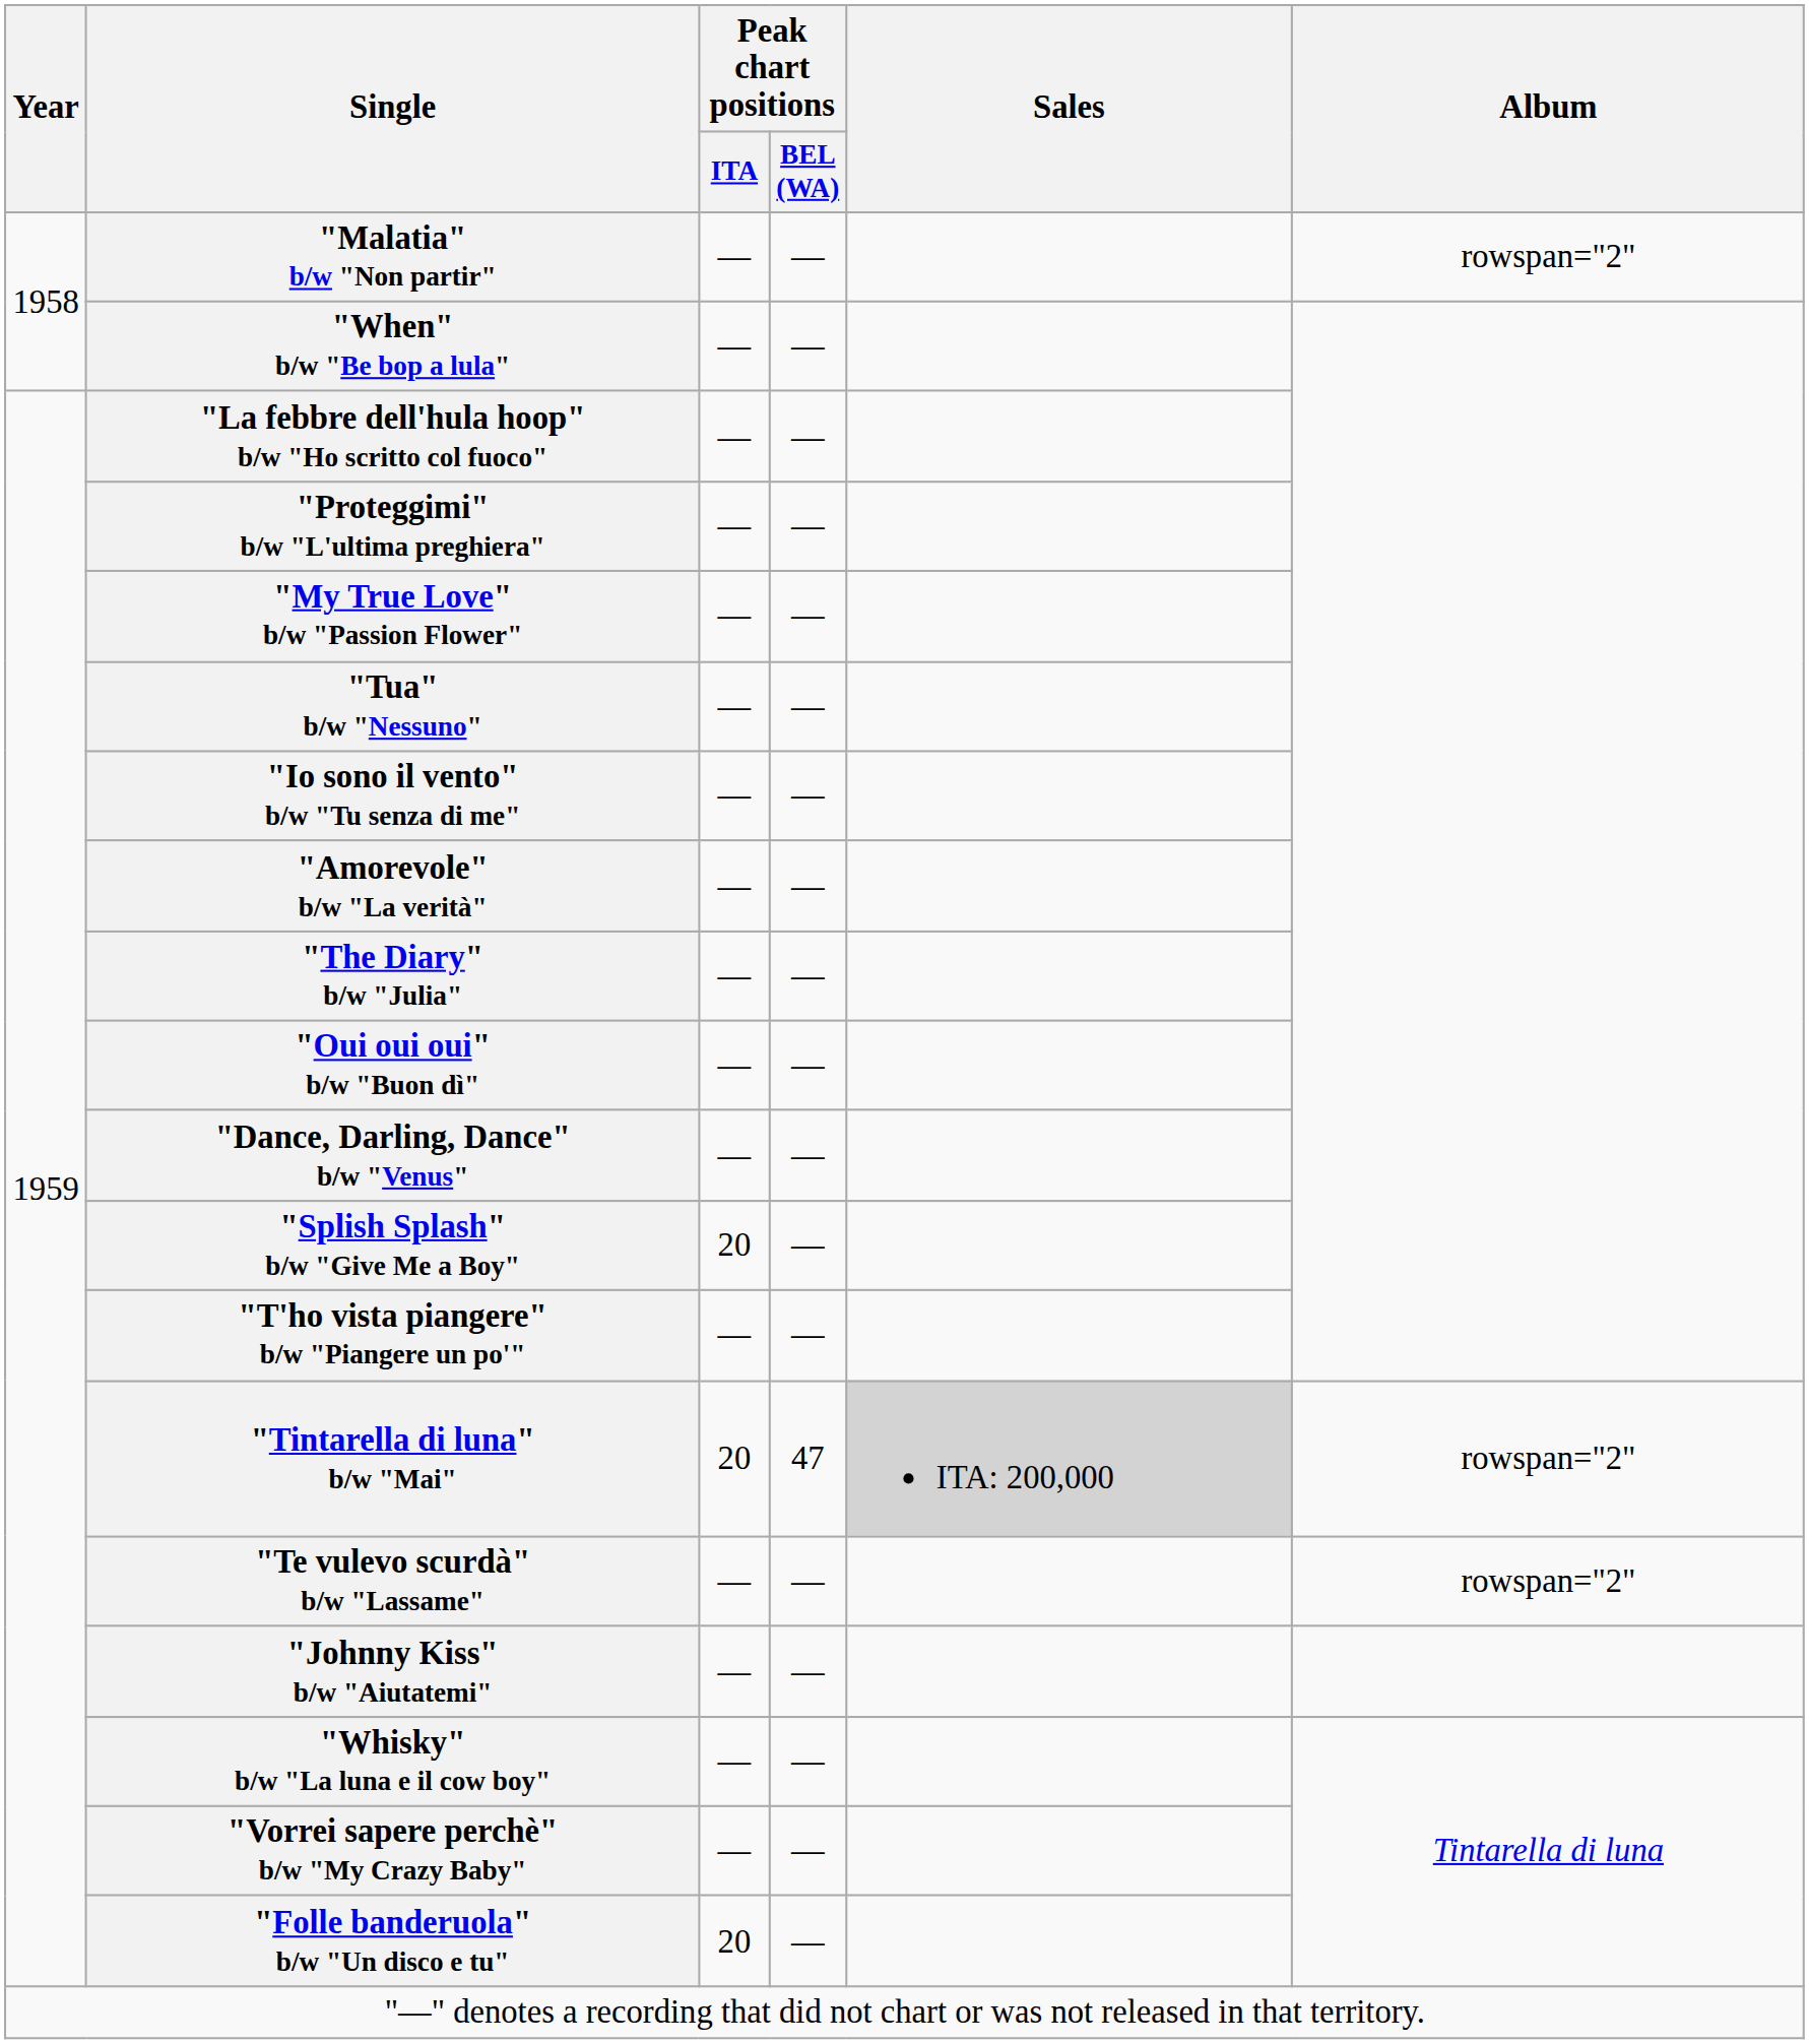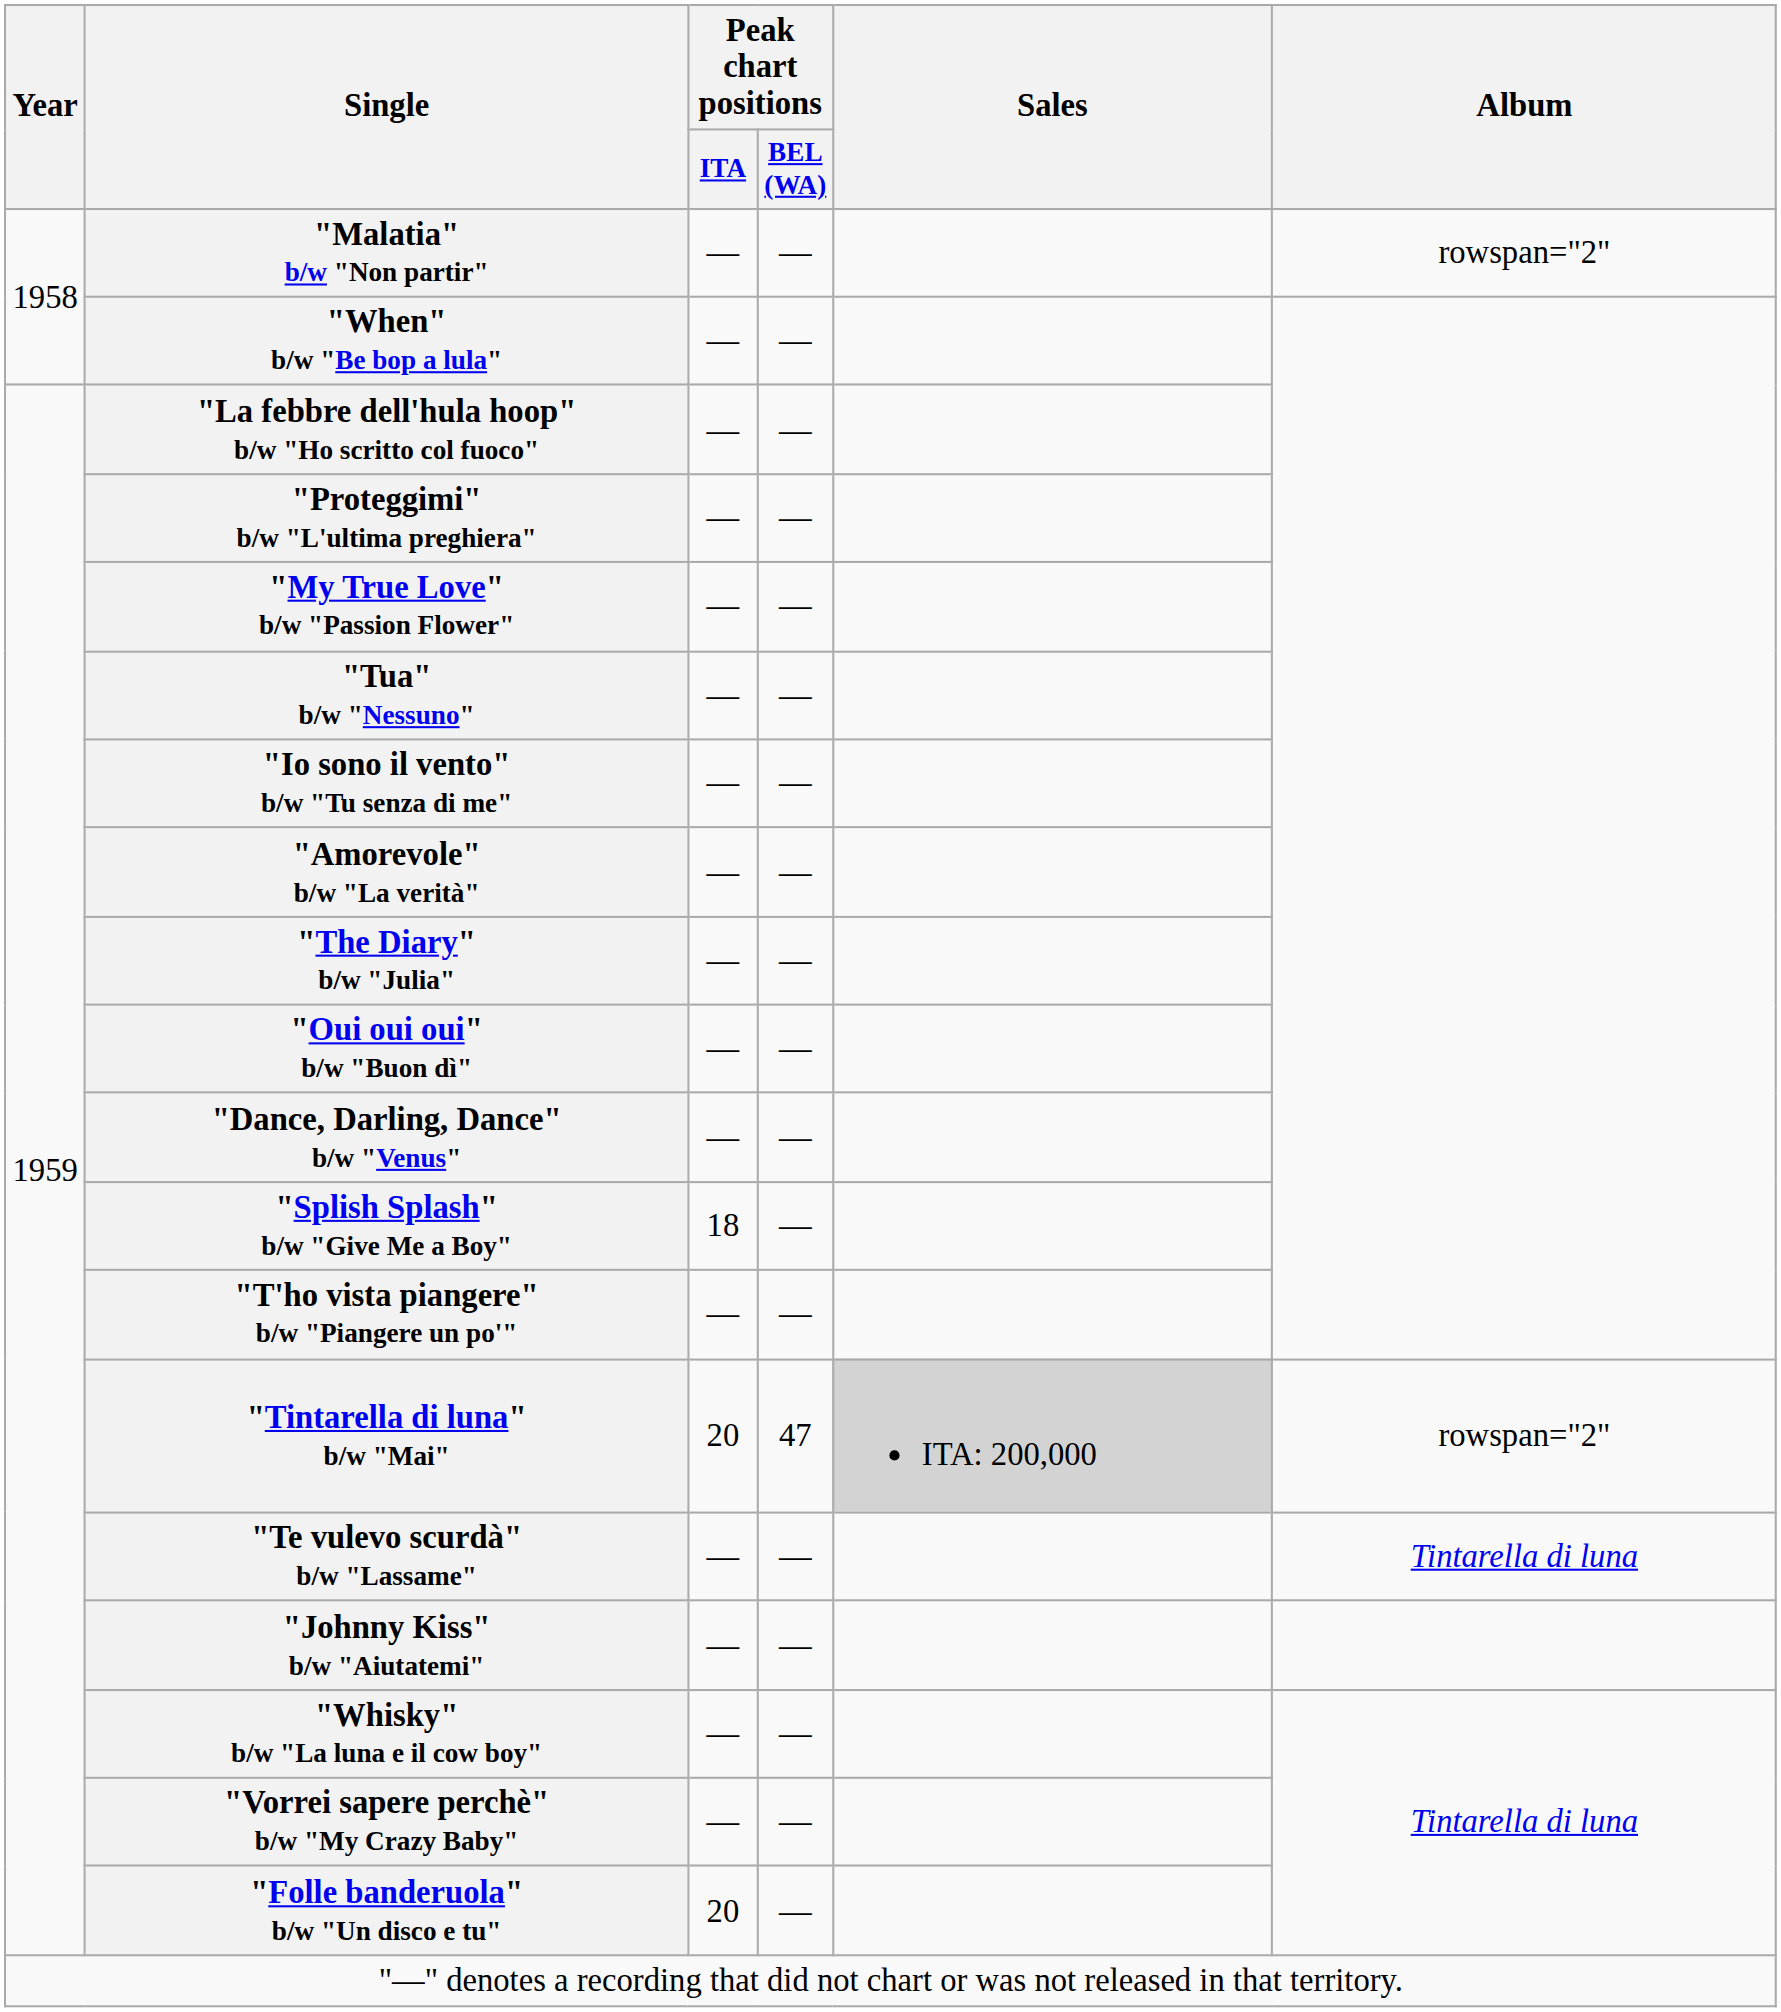 <table class="wikitable plainrowheaders" style="text-align: center;">
 <tr>
 <th rowspan="2">Year</th>
 <th rowspan="2" style="width:18em;">Single</th>
 <th colspan="2">Peak chart positions</th>
 <th rowspan="2" style="width:13em;">Sales</th>
 <th rowspan="2" style="width:15em;">Album</th>
 </tr>
 <tr style="font-size:smaller;">
 <th style="width:28px;"><a href='#'>ITA</a><br></th>
 <th style="width:28px;"><a href='#'>BEL<br>(WA)</a><br></th>
 </tr>
 <tr>
 <td rowspan="2">1958</td>
 <th scope="row">"Malatia"<br><small><a href='#'>b/w</a> "Non partir"</small></th>
 <td>—</td>
 <td>—</td>
 <td align="left"></td>
 <td>rowspan="2" </td>
 </tr>
 <tr>
 <th scope="row">"When"<br><small>b/w "<a href='#'>Be bop a lula</a>"</small></th>
 <td>—</td>
 <td>—</td>
 <td align="left"></td>
 </tr>
 <tr>
 <td rowspan="17">1959</td>
 <th scope="row">"La febbre dell'hula hoop"<br><small>b/w "Ho scritto col fuoco"</small></th>
 <td>—</td>
 <td>—</td>
 <td align="left"></td>
 </tr>
 <tr>
 <th scope="row">"Proteggimi"<br><small>b/w "L'ultima preghiera"</small></th>
 <td>—</td>
 <td>—</td>
 <td align="left"></td>
 </tr>
 <tr>
 <th scope="row">"<a href='#'>My True Love</a>"<br><small>b/w "Passion Flower"</small></th>
 <td>—</td>
 <td>—</td>
 <td align="left"></td>
 </tr>
 <tr>
 <th scope="row">"Tua"<br><small>b/w "<a href='#'>Nessuno</a>"</small></th>
 <td>—</td>
 <td>—</td>
 <td align="left"></td>
 </tr>
 <tr>
 <th scope="row">"Io sono il vento"<br><small>b/w "Tu senza di me"</small></th>
 <td>—</td>
 <td>—</td>
 <td align="left"></td>
 </tr>
 <tr>
 <th scope="row">"Amorevole"<br><small>b/w "La verità"</small></th>
 <td>—</td>
 <td>—</td>
 <td align="left"></td>
 </tr>
 <tr>
 <th scope="row">"<a href='#'>The Diary</a>"<br><small>b/w "Julia"</small></th>
 <td>—</td>
 <td>—</td>
 <td align="left"></td>
 </tr>
 <tr>
 <th scope="row">"<a href='#'>Oui oui oui</a>"<br><small>b/w "Buon dì"</small></th>
 <td>—</td>
 <td>—</td>
 <td align="left"></td>
 </tr>
 <tr>
 <th scope="row">"Dance, Darling, Dance"<br><small>b/w "<a href='#'>Venus</a>"</small></th>
 <td>—</td>
 <td>—</td>
 <td align="left"></td>
 </tr>
 <tr>
 <th scope="row">"<a href='#'>Splish Splash</a>"<br><small>b/w "Give Me a Boy"</small></th>
-<td>20</td>
+<td>18</td>
 <td>—</td>
 <td align="left"></td>
 </tr>
 <tr>
 <th scope="row">"T'ho vista piangere"<br><small>b/w "Piangere un po'"</small></th>
 <td>—</td>
 <td>—</td>
 <td align="left"></td>
 </tr>
 <tr>
 <th scope="row">"<a href='#'>Tintarella di luna</a>"<br><small>b/w "Mai"</small></th>
 <td>20</td>
 <td>47</td>
 <td align="left" style="background: lightgrey;"><br><ul><li>ITA: 200,000</li></ul></td>
 <td>rowspan="2" </td>
 </tr>
 <tr>
 <th scope="row">"Te vulevo scurdà"<br><small>b/w "Lassame"</small></th>
 <td>—</td>
 <td>—</td>
 <td align="left"></td>
-<td>rowspan="2" </td>
+<td><em><a href='#'>Tintarella di luna</a></em></td>
 </tr>
 <tr>
 <th scope="row">"Johnny Kiss"<br><small>b/w "Aiutatemi"</small></th>
 <td>—</td>
 <td>—</td>
 <td align="left"></td>
 </tr>
 <tr>
 <th scope="row">"Whisky"<br><small>b/w "La luna e il cow boy"</small></th>
 <td>—</td>
 <td>—</td>
 <td align="left"></td>
 <td rowspan="3"><em><a href='#'>Tintarella di luna</a></em></td>
 </tr>
 <tr>
 <th scope="row">"Vorrei sapere perchè"<br><small>b/w "My Crazy Baby"</small></th>
 <td>—</td>
 <td>—</td>
 <td align="left"></td>
 </tr>
 <tr>
 <th scope="row">"<a href='#'>Folle banderuola</a>"<br><small>b/w "Un disco e tu"</small></th>
 <td>20</td>
 <td>—</td>
 <td align="left"></td>
 </tr>
 <tr>
 <td colspan="6" style="text-align:center;" style="font-size:90%">"—" denotes a recording that did not chart or was not released in that territory.</td>
 </tr>
 </table>
